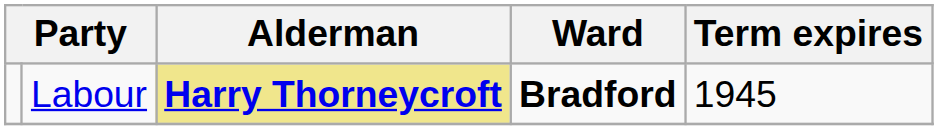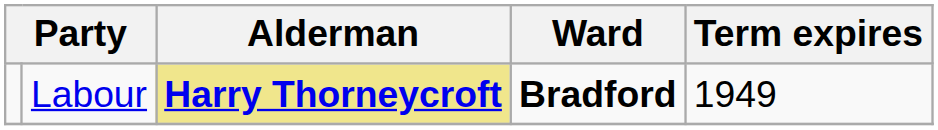 <table class="wikitable">
 <tr>
 <th colspan="2">Party</th>
 <th>Alderman</th>
 <th>Ward</th>
 <th>Term expires</th>
 </tr>
 <tr>
 <td style="background-color:"></td>
 <td><a href='#'>Labour</a></td>
 <td style="background: khaki;"><strong><a href='#'>Harry Thorneycroft</a></strong></td>
 <td><strong>Bradford</strong></td>
-<td>1945</td>
+<td>1949</td>
 </tr>
 <tr>
 </tr>
 </table>
